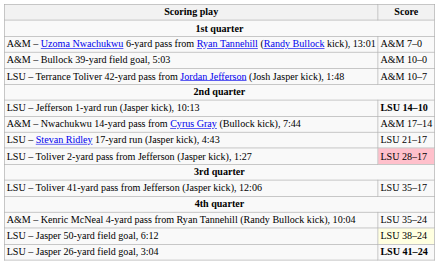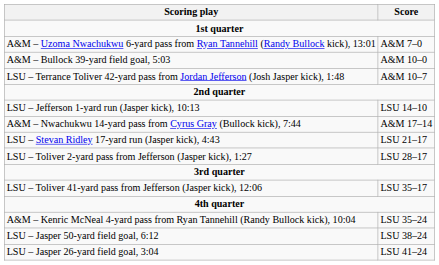 <table class="wikitable">
 <tr>
 <th>Scoring play</th>
 <th>Score</th>
 </tr>
 <tr>
 <td colspan="4" align="center"><strong>1st quarter</strong></td>
 </tr>
 <tr>
 <td>A&M – <a href='#'>Uzoma Nwachukwu</a> 6-yard pass from <a href='#'>Ryan Tannehill</a> (<a href='#'>Randy Bullock</a> kick), 13:01</td>
 <td>A&M 7–0</td>
 </tr>
 <tr>
 <td>A&M – Bullock 39-yard field goal, 5:03</td>
 <td>A&M 10–0</td>
 </tr>
 <tr>
 <td>LSU – Terrance Toliver 42-yard pass from <a href='#'>Jordan Jefferson</a> (Josh Jasper kick), 1:48</td>
 <td>A&M 10–7</td>
 </tr>
 <tr>
 <td colspan="4" align="center"><strong>2nd quarter</strong></td>
 </tr>
 <tr>
 <td>LSU – Jefferson 1-yard run (Jasper kick), 10:13</td>
-<td><strong>LSU 14–10</strong></td>
+<td>LSU 14–10</td>
 </tr>
 <tr>
 <td>A&M – Nwachukwu 14-yard pass from <a href='#'>Cyrus Gray</a> (Bullock kick), 7:44</td>
 <td>A&M 17–14</td>
 </tr>
 <tr>
 <td>LSU –	<a href='#'>Stevan Ridley</a> 17-yard run (Jasper kick), 4:43</td>
 <td>LSU 21–17</td>
 </tr>
 <tr>
 <td>LSU – Toliver 2-yard pass from Jefferson (Jasper kick), 1:27</td>
-<td style="background: pink;">LSU 28–17</td>
+<td>LSU 28–17</td>
 </tr>
 <tr>
 <td colspan="4" align="center"><strong>3rd quarter</strong></td>
 </tr>
 <tr>
 <td>LSU – Toliver 41-yard pass from Jefferson (Jasper kick), 12:06</td>
 <td>LSU 35–17</td>
 </tr>
 <tr>
 <td colspan="4" align="center"><strong>4th quarter</strong></td>
 </tr>
 <tr>
 <td>A&M – Kenric McNeal 4-yard pass from Ryan Tannehill (Randy Bullock kick), 10:04</td>
 <td>LSU 35–24</td>
 </tr>
 <tr>
 <td>LSU – Jasper 50-yard field goal, 6:12</td>
-<td style="background: lightyellow;">LSU 38–24</td>
+<td>LSU 38–24</td>
 </tr>
 <tr>
 <td>LSU – Jasper 26-yard field goal, 3:04</td>
-<td><strong>LSU 41–24</strong></td>
+<td>LSU 41–24</td>
 </tr>
 </table>
